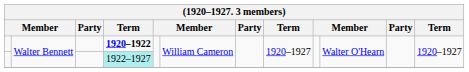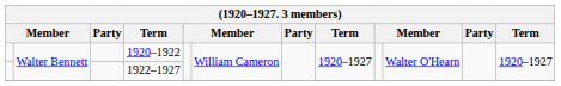 <table class="wikitable">
 <tr>
 <th colspan="12">(1920–1927. 3 members)</th>
 </tr>
 <tr>
 <th colspan="2">Member</th>
 <th>Party</th>
 <th>Term</th>
 <th colspan="2">Member</th>
 <th>Party</th>
 <th>Term</th>
 <th colspan="2">Member</th>
 <th>Party</th>
 <th>Term</th>
 </tr>
 <tr>
 <td> </td>
 <td rowspan="2"><a href='#'>Walter Bennett</a></td>
 <td></td>
-<td><strong><a href='#'>1920</a>–1922</strong></td>
+<td><a href='#'>1920</a>–1922</td>
 <td rowspan="2" > </td>
 <td rowspan="2"><a href='#'>William Cameron</a></td>
 <td rowspan="2"></td>
 <td rowspan="2"><a href='#'>1920</a>–1927</td>
 <td rowspan="2" > </td>
 <td rowspan="2"><a href='#'>Walter O'Hearn</a></td>
 <td rowspan="2"></td>
 <td rowspan="2"><a href='#'>1920</a>–1927</td>
 </tr>
 <tr>
 <td> </td>
 <td></td>
-<td style="background: paleturquoise;">1922–1927</td>
+<td>1922–1927</td>
 </tr>
 <tr>
 </tr>
 </table>
